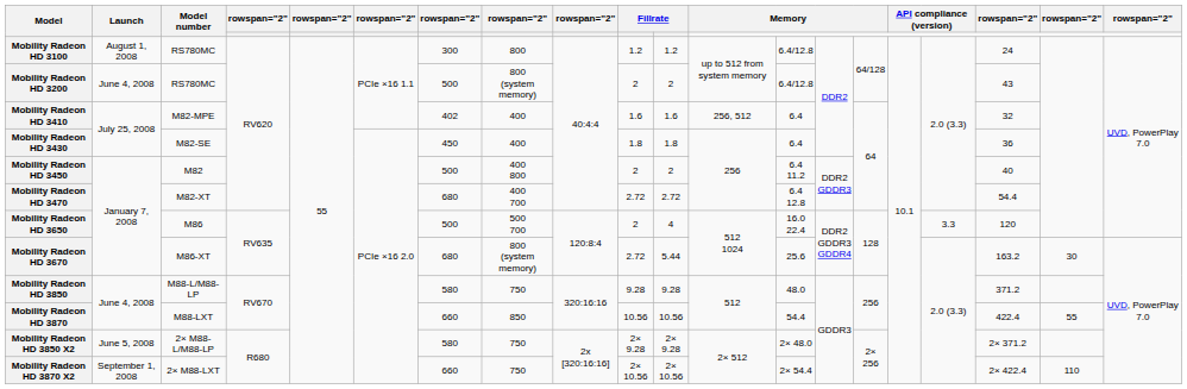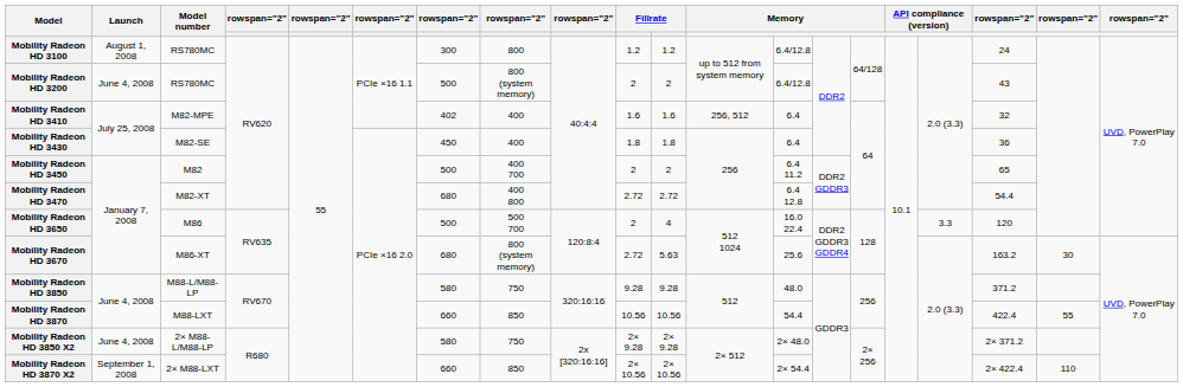 <table class="mw-datatable wikitable sortable" style="font-size: 80%; text-align:center;">
 <tr>
 <th rowspan="2">Model</th>
 <th rowspan="2">Launch</th>
 <th rowspan="2">Model number</th>
 <th>rowspan="2"</th>
 <th>rowspan="2"</th>
 <th>rowspan="2"</th>
 <th>rowspan="2"</th>
 <th>rowspan="2"</th>
 <th>rowspan="2"</th>
 <th colspan="2"><a href='#'>Fillrate</a></th>
 <th colspan="4">Memory</th>
 <th colspan="2"><a href='#'>API</a> compliance (version)</th>
 <th>rowspan="2"</th>
 <th>rowspan="2" </th>
 <th>rowspan="2"</th>
 </tr>
 <tr>
 <th></th>
 <th></th>
 <th></th>
 <th></th>
 <th></th>
 <th></th>
 <th></th>
 <th></th>
 </tr>
 <tr>
 <th>Mobility Radeon HD 3100</th>
 <td>August 1, 2008</td>
 <td>RS780MC</td>
 <td rowspan="6">RV620</td>
 <td rowspan="12">55</td>
 <td rowspan="3">PCIe ×16 1.1</td>
 <td>300</td>
 <td>800</td>
 <td rowspan="6">40:4:4</td>
 <td>1.2</td>
 <td>1.2</td>
 <td rowspan="2">up to 512 from system memory</td>
 <td>6.4/12.8</td>
 <td rowspan="4"><a href='#'>DDR2</a></td>
 <td rowspan="2">64/128</td>
 <td rowspan="12">10.1</td>
 <td rowspan="6">2.0 (3.3)</td>
 <td>24</td>
 <td rowspan="7"></td>
 <td rowspan="7"><a href='#'>UVD</a>, PowerPlay 7.0</td>
 </tr>
 <tr>
 <th>Mobility Radeon HD 3200</th>
 <td>June 4, 2008</td>
 <td>RS780MC</td>
 <td>500</td>
 <td>800<br>(system memory)</td>
 <td>2</td>
 <td>2</td>
 <td>6.4/12.8</td>
 <td>43</td>
 </tr>
 <tr>
 <th>Mobility Radeon HD 3410</th>
 <td rowspan="2">July 25, 2008</td>
 <td>M82-MPE</td>
 <td>402</td>
 <td>400</td>
 <td>1.6</td>
 <td>1.6</td>
 <td>256, 512</td>
 <td>6.4</td>
 <td rowspan="4">64</td>
 <td>32</td>
 </tr>
 <tr>
 <th>Mobility Radeon HD 3430</th>
 <td>M82-SE</td>
 <td rowspan="9">PCIe ×16 2.0</td>
 <td>450</td>
 <td>400</td>
 <td>1.8</td>
 <td>1.8</td>
 <td rowspan="3">256</td>
 <td>6.4</td>
 <td>36</td>
 </tr>
 <tr>
 <th>Mobility Radeon HD 3450</th>
 <td rowspan="4">January 7, 2008</td>
 <td>M82</td>
 <td>500</td>
-<td>400<br>800</td>
+<td>400<br>700</td>
 <td>2</td>
 <td>2</td>
 <td>6.4<br>11.2</td>
 <td rowspan="2">DDR2<br><a href='#'>GDDR3</a></td>
-<td>40</td>
+<td>65</td>
 </tr>
 <tr>
 <th>Mobility Radeon HD 3470</th>
 <td>M82-XT</td>
 <td>680</td>
-<td>400<br>700</td>
+<td>400<br>800</td>
 <td>2.72</td>
 <td>2.72</td>
 <td>6.4<br>12.8</td>
 <td>54.4</td>
 </tr>
 <tr>
 <th>Mobility Radeon HD 3650</th>
 <td>M86</td>
 <td rowspan="2">RV635</td>
 <td>500</td>
 <td>500<br>700</td>
 <td rowspan="2">120:8:4</td>
 <td>2</td>
 <td>4</td>
 <td rowspan="2">512<br>1024</td>
 <td>16.0<br>22.4</td>
 <td rowspan="2">DDR2<br>GDDR3<br><a href='#'>GDDR4</a></td>
 <td rowspan="2">128</td>
 <td>3.3</td>
 <td>120</td>
 </tr>
 <tr>
 <th>Mobility Radeon HD 3670</th>
 <td>M86-XT</td>
 <td>680</td>
 <td>800<br>(system memory)</td>
 <td>2.72</td>
-<td>5.44</td>
+<td>5.63</td>
 <td>25.6</td>
 <td rowspan="5">2.0 (3.3)</td>
 <td>163.2</td>
 <td>30</td>
 <td rowspan="5"><a href='#'>UVD</a>, PowerPlay 7.0</td>
 </tr>
 <tr>
 <th>Mobility Radeon HD 3850</th>
 <td rowspan="2">June 4, 2008</td>
 <td>M88-L/M88-LP</td>
 <td rowspan="2">RV670</td>
 <td>580</td>
 <td>750</td>
 <td rowspan="2">320:16:16</td>
 <td>9.28</td>
 <td>9.28</td>
 <td rowspan="2">512</td>
 <td>48.0</td>
 <td rowspan="4">GDDR3</td>
 <td rowspan="2">256</td>
 <td>371.2</td>
 <td></td>
 </tr>
 <tr>
 <th>Mobility Radeon HD 3870</th>
 <td>M88-LXT</td>
 <td>660</td>
 <td>850</td>
 <td>10.56</td>
 <td>10.56</td>
 <td>54.4</td>
 <td>422.4</td>
 <td>55</td>
 </tr>
 <tr>
 <th>Mobility Radeon HD 3850 X2</th>
-<td>June 5, 2008</td>
+<td>June 4, 2008</td>
 <td>2× M88-L/M88-LP</td>
 <td rowspan="2">R680</td>
 <td>580</td>
 <td>750</td>
 <td rowspan="2">2x [320:16:16]</td>
 <td>2× 9.28</td>
 <td>2× 9.28</td>
 <td rowspan="2">2× 512</td>
 <td>2× 48.0</td>
 <td rowspan="2">2× 256</td>
 <td>2× 371.2</td>
 <td></td>
 </tr>
 <tr>
 <th>Mobility Radeon HD 3870 X2</th>
 <td>September 1, 2008</td>
 <td>2× M88-LXT</td>
 <td>660</td>
-<td>750</td>
+<td>850</td>
 <td>2× 10.56</td>
 <td>2× 10.56</td>
 <td>2× 54.4</td>
 <td>2× 422.4</td>
 <td>110</td>
 </tr>
 </table>
